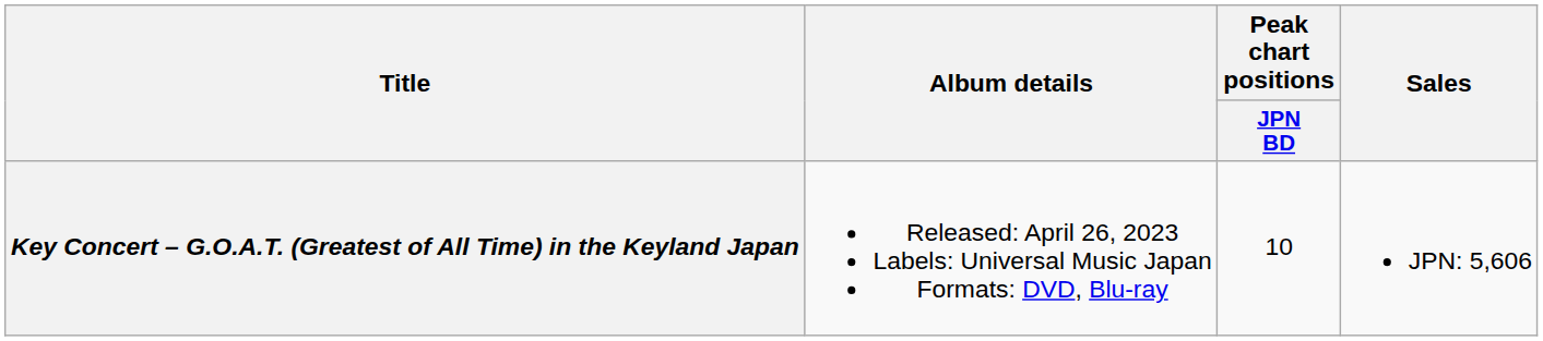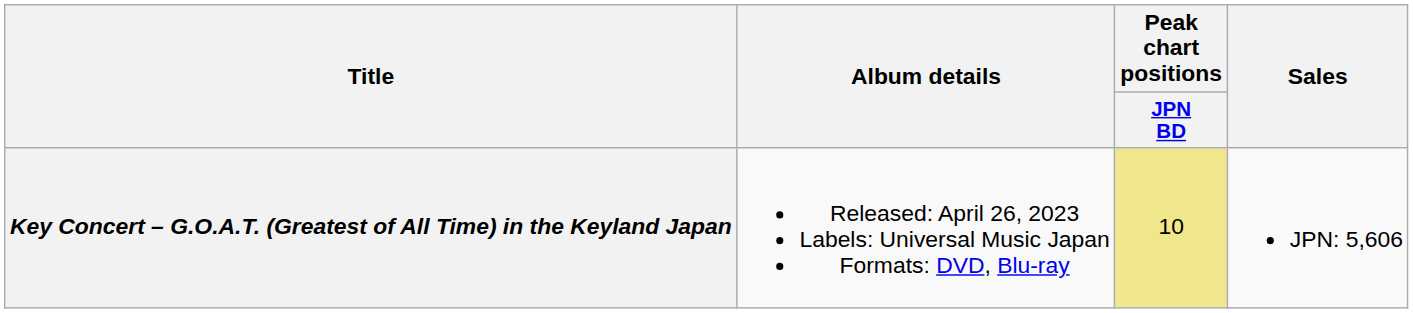 <table class="wikitable plainrowheaders" style="text-align:center;">
 <tr>
 <th scope="col" rowspan="2">Title</th>
 <th scope="col" rowspan="2">Album details</th>
 <th scope="col">Peak chart positions</th>
 <th scope="col" rowspan="2">Sales</th>
 </tr>
 <tr>
 <th scope="col" style="width:3em; font-size:90%;"><a href='#'>JPN<br>BD</a><br></th>
 </tr>
 <tr>
 <th scope="row"><em>Key Concert – G.O.A.T. (Greatest of All Time) in the Keyland Japan</em></th>
 <td><br><ul><li>Released: April 26, 2023</li><li>Labels: Universal Music Japan</li><li>Formats: <a href='#'>DVD</a>, <a href='#'>Blu-ray</a></li></ul></td>
-<td>10</td>
+<td style="background: khaki;">10</td>
 <td><br><ul><li>JPN: 5,606</li></ul></td>
 </tr>
 </table>
